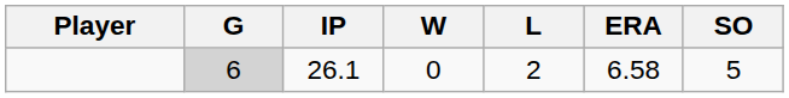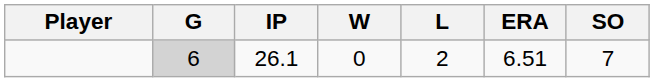 <table class="wikitable sortable">
 <tr>
 <th bgcolor="#DDDDFF" width="16%">Player</th>
 <th bgcolor="#DDDDFF" width="9%">G</th>
 <th bgcolor="#DDDDFF" width="9%">IP</th>
 <th bgcolor="#DDDDFF" width="9%">W</th>
 <th bgcolor="#DDDDFF" width="9%">L</th>
 <th bgcolor="#DDDDFF" width="9%">ERA</th>
 <th bgcolor="#DDDDFF" width="9%">SO</th>
 </tr>
 <tr align="center">
 <td></td>
 <td style="background: lightgrey;">6</td>
 <td>26.1</td>
 <td>0</td>
 <td>2</td>
-<td>6.58</td>
-<td>5</td>
+<td>6.51</td>
+<td>7</td>
 </tr>
 </table>
